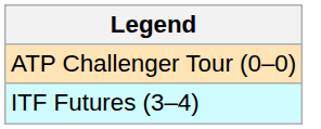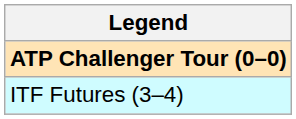 <table class=wikitable style=font-size:97%>
 <tr>
 <th>Legend</th>
 </tr>
 <tr bgcolor=moccasin>
-<td>ATP Challenger Tour (0–0)</td>
+<td><strong>ATP Challenger Tour (0–0)</strong></td>
 </tr>
 <tr bgcolor=cffcff>
 <td>ITF Futures (3–4)</td>
 </tr>
 </table>
